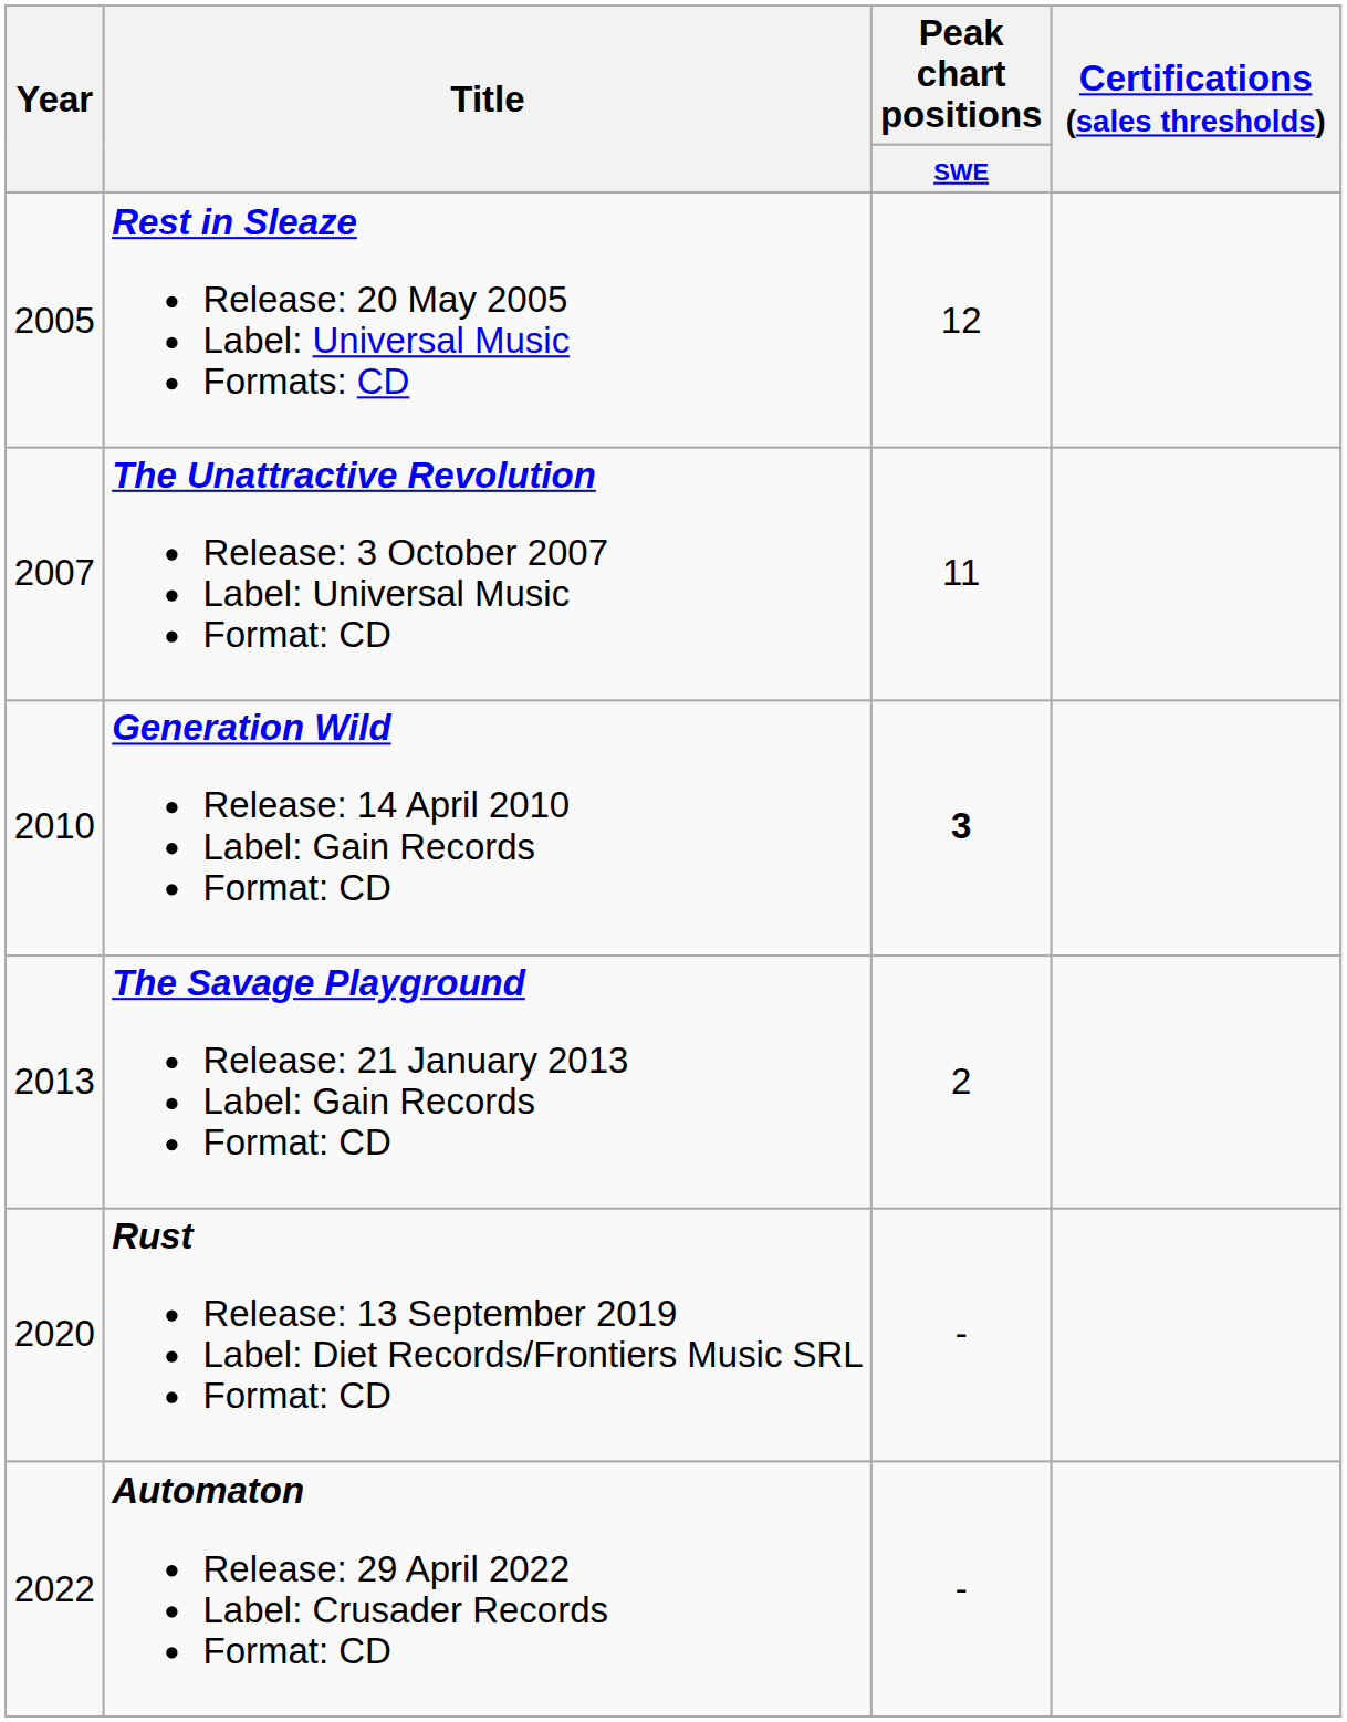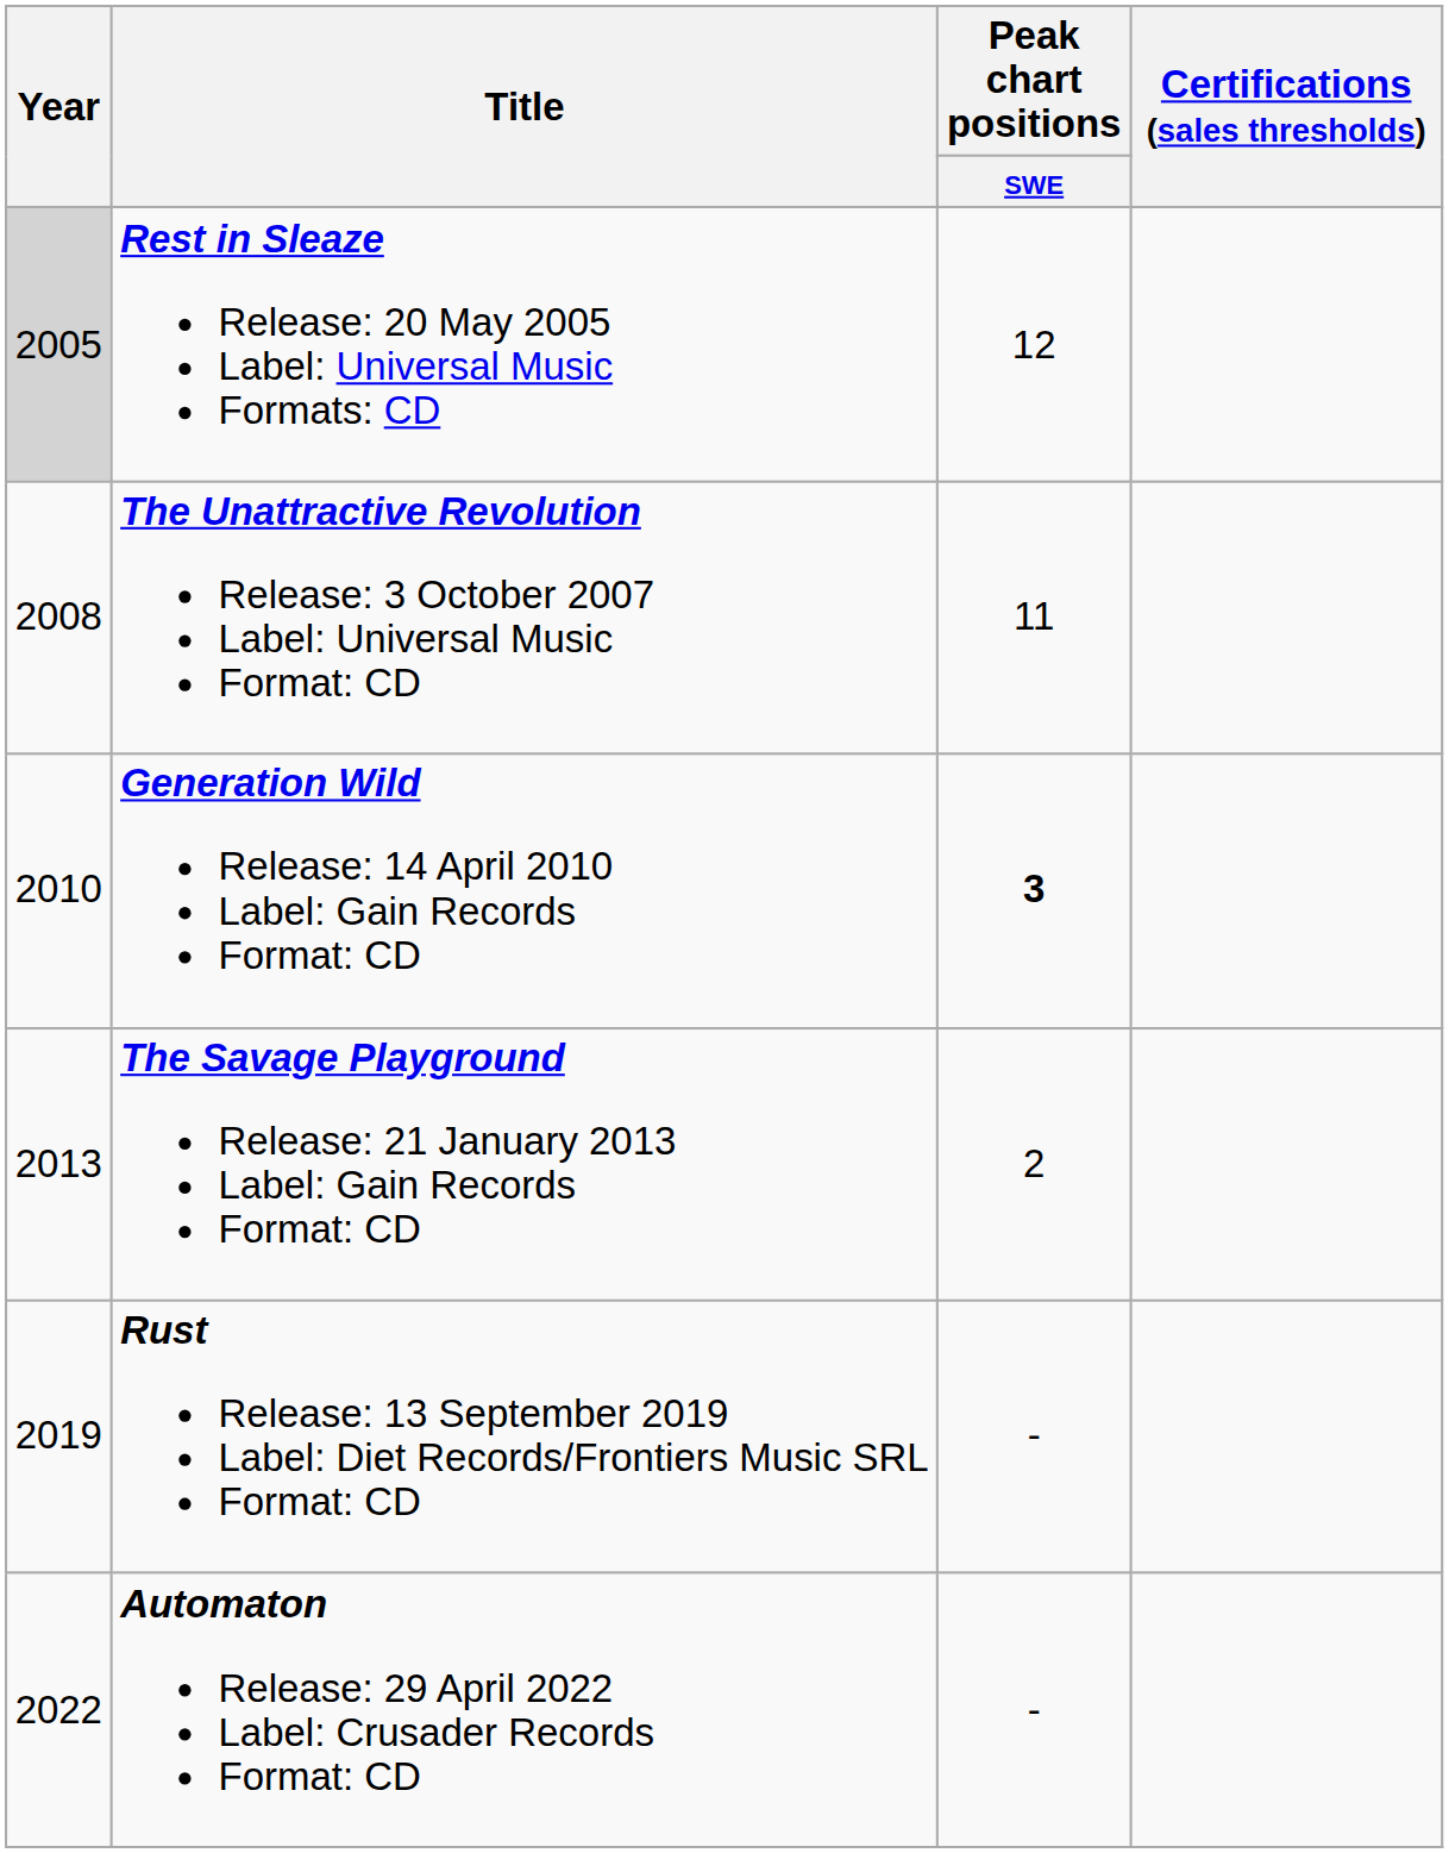 <table class="wikitable">
 <tr>
 <th rowspan="2">Year</th>
 <th rowspan="2">Title</th>
 <th colspan="1">Peak chart positions</th>
 <th rowspan="2" width="120"><a href='#'>Certifications</a><br><small>(<a href='#'>sales thresholds</a>)</small></th>
 </tr>
 <tr>
 <th style="width:2em;font-size:80%"><small><a href='#'>SWE</a></small></th>
 </tr>
 <tr>
-<td rowspan="1" align="center">2005</td>
+<td rowspan="1" align="center" style="background: lightgrey;">2005</td>
 <td><strong><em><a href='#'>Rest in Sleaze</a></em></strong><br><ul><li>Release:  20 May 2005</li><li>Label: <a href='#'>Universal Music</a></li><li>Formats: <a href='#'>CD</a></li></ul></td>
 <td align="center">12</td>
 <td></td>
 </tr>
 <tr>
-<td rowspan="1" align="center">2007</td>
+<td rowspan="1" align="center">2008</td>
 <td><strong><em><a href='#'>The Unattractive Revolution</a></em></strong><br><ul><li>Release:  3 October 2007</li><li>Label: Universal Music</li><li>Format: CD</li></ul></td>
 <td align="center">11</td>
 <td></td>
 </tr>
 <tr>
 <td rowspan="1" align="center">2010</td>
 <td><strong><em><a href='#'>Generation Wild</a></em></strong><br><ul><li>Release: 14 April 2010</li><li>Label: Gain Records</li><li>Format: CD</li></ul></td>
 <td align="center"><strong>3</strong></td>
 <td></td>
 </tr>
 <tr>
 <td rowspan="1" align="center">2013</td>
 <td><strong><em><a href='#'>The Savage Playground</a></em></strong><br><ul><li>Release: 21 January 2013</li><li>Label: Gain Records</li><li>Format: CD</li></ul></td>
 <td align="center">2</td>
 <td></td>
 </tr>
 <tr>
-<td rowspan="1" align="center">2020</td>
+<td rowspan="1" align="center">2019</td>
 <td><strong><em>Rust</em></strong><br><ul><li>Release: 13 September 2019</li><li>Label: Diet Records/Frontiers Music SRL</li><li>Format: CD</li></ul></td>
 <td align="center">-</td>
 <td></td>
 </tr>
 <tr>
 <td rowspan="1" align="center">2022</td>
 <td><strong><em>Automaton</em></strong><br><ul><li>Release: 29 April 2022</li><li>Label: Crusader Records</li><li>Format: CD</li></ul></td>
 <td align="center">-</td>
 <td></td>
 </tr>
 <tr>
 </tr>
 </table>
